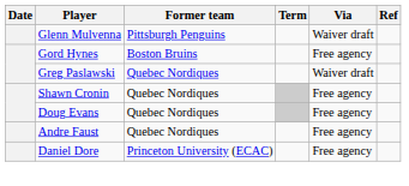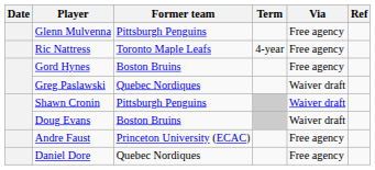 <table class="wikitable plainrowheaders">
 <tr style="background:#ddd; text-align:center;">
 <th>Date</th>
 <th>Player</th>
 <th>Former team</th>
 <th>Term</th>
 <th>Via</th>
 <th>Ref</th>
 </tr>
 <tr>
 <th scope="row"></th>
 <td><a href='#'>Glenn Mulvenna</a></td>
 <td><a href='#'>Pittsburgh Penguins</a></td>
 <td></td>
-<td>Waiver draft</td>
+<td>Free agency</td>
+<td></td>
+</tr>
+<tr>
+<th scope="row"></th>
+<td><a href='#'>Ric Nattress</a></td>
+<td><a href='#'>Toronto Maple Leafs</a></td>
+<td>4-year</td>
+<td>Free agency</td>
 <td></td>
 </tr>
 <tr>
 <th scope="row" rowspan="2"></th>
 <td><a href='#'>Gord Hynes</a></td>
 <td><a href='#'>Boston Bruins</a></td>
 <td></td>
 <td>Free agency</td>
 <td></td>
 </tr>
 <tr>
 <td><a href='#'>Greg Paslawski</a></td>
 <td><a href='#'>Quebec Nordiques</a></td>
 <td></td>
 <td>Waiver draft</td>
 <td></td>
 </tr>
 <tr>
 <th scope="row" rowspan="2"></th>
 <td><a href='#'>Shawn Cronin</a></td>
-<td>Quebec Nordiques</td>
+<td><a href='#'>Pittsburgh Penguins</a></td>
 <td style="background:#ccc"></td>
-<td>Free agency</td>
+<td><a href='#'>Waiver draft</a></td>
 <td></td>
 </tr>
 <tr>
 <td><a href='#'>Doug Evans</a></td>
-<td>Quebec Nordiques</td>
+<td><a href='#'>Boston Bruins</a></td>
 <td style="background:#ccc"></td>
-<td>Free agency</td>
+<td>Waiver draft</td>
 <td></td>
 </tr>
 <tr>
 <th scope="row"></th>
 <td><a href='#'>Andre Faust</a></td>
-<td>Quebec Nordiques</td>
+<td><a href='#'>Princeton University</a> (<a href='#'>ECAC</a>)</td>
 <td></td>
 <td>Free agency</td>
 <td></td>
 </tr>
 <tr>
 <th scope="row"></th>
 <td><a href='#'>Daniel Dore</a></td>
-<td><a href='#'>Princeton University</a> (<a href='#'>ECAC</a>)</td>
+<td>Quebec Nordiques</td>
 <td></td>
 <td>Free agency</td>
 <td></td>
 </tr>
 </table>
